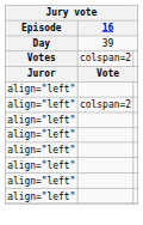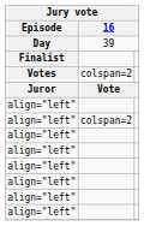 <table class="wikitable" style="text-align:center; font-size:95%">
 <tr>
 <th colspan=3>Jury vote</th>
 </tr>
 <tr>
 <th>Episode</th>
 <th colspan=2><a href='#'>16</a></th>
 </tr>
 <tr>
 <th>Day</th>
 <td colspan=2>39</td>
+</tr>
+<tr>
+<th>Finalist</th>
+<td></td>
+<td></td>
 </tr>
 <tr>
 <th>Votes</th>
 <td>colspan=2 </td>
 </tr>
 <tr>
 <th>Juror</th>
 <th colspan=2>Vote</th>
 </tr>
 <tr>
 <td>align="left" </td>
 <td></td>
 <td></td>
 </tr>
 <tr>
 <td>align="left" </td>
 <td>colspan=2 </td>
 </tr>
 <tr>
 <td>align="left" </td>
 <td></td>
 <td></td>
 </tr>
 <tr>
 <td>align="left" </td>
 <td></td>
 <td></td>
 </tr>
 <tr>
 <td>align="left" </td>
 <td></td>
 <td></td>
 </tr>
 <tr>
 <td>align="left" </td>
 <td></td>
 <td></td>
 </tr>
 <tr>
 <td>align="left" </td>
 <td></td>
 <td></td>
 </tr>
 <tr>
 <td>align="left" </td>
 <td></td>
 <td></td>
 </tr>
 <tr>
 </tr>
 </table>
